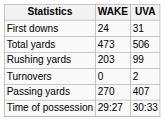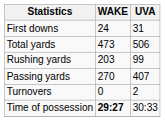 <table class="wikitable" style="float: left;">
 <tr>
 <th>Statistics</th>
 <th>WAKE</th>
 <th>UVA</th>
 </tr>
 <tr>
 <td>First downs</td>
 <td>24</td>
 <td>31</td>
 </tr>
 <tr>
 <td>Total yards</td>
 <td>473</td>
 <td>506</td>
 </tr>
 <tr>
 <td>Rushing yards</td>
 <td>203</td>
 <td>99</td>
 </tr>
 <tr>
+<td>Passing yards</td>
+<td>270</td>
+<td>407</td>
+</tr>
+<tr>
 <td>Turnovers</td>
 <td>0</td>
 <td>2</td>
 </tr>
 <tr>
-<td>Passing yards</td>
-<td>270</td>
-<td>407</td>
-</tr>
-<tr>
 <td>Time of possession</td>
-<td>29:27</td>
+<td><strong>29:27</strong></td>
 <td>30:33</td>
 </tr>
 <tr>
 </tr>
 </table>
